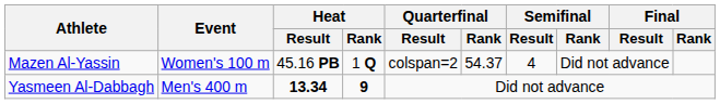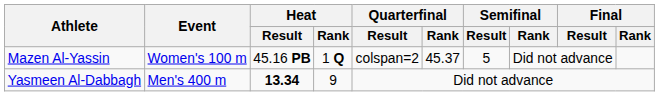 <table class="wikitable" style="font-size:90%">
 <tr>
 <th rowspan="2">Athlete</th>
 <th rowspan="2">Event</th>
 <th colspan="2">Heat</th>
 <th colspan="2">Quarterfinal</th>
 <th colspan="2">Semifinal</th>
 <th colspan="2">Final</th>
 </tr>
 <tr style="font-size:95%">
 <th>Result</th>
 <th>Rank</th>
 <th>Result</th>
 <th>Rank</th>
 <th>Result</th>
 <th>Rank</th>
 <th>Result</th>
 <th>Rank</th>
 </tr>
 <tr align=center>
 <td align=left><a href='#'>Mazen Al-Yassin</a></td>
 <td align=left><a href='#'>Women's 100 m</a></td>
 <td>45.16 <strong>PB</strong></td>
 <td>1 <strong>Q</strong></td>
 <td>colspan=2 </td>
-<td>54.37</td>
-<td>4</td>
+<td>45.37</td>
+<td>5</td>
 <td colspan="2">Did not advance</td>
 </tr>
 <tr align=center>
 <td align=left><a href='#'>Yasmeen Al-Dabbagh</a></td>
 <td align=left><a href='#'>Men's 400 m</a></td>
 <td><strong>13.34</strong></td>
-<td><strong>9</strong></td>
+<td>9</td>
 <td colspan="6">Did not advance</td>
 </tr>
 </table>
